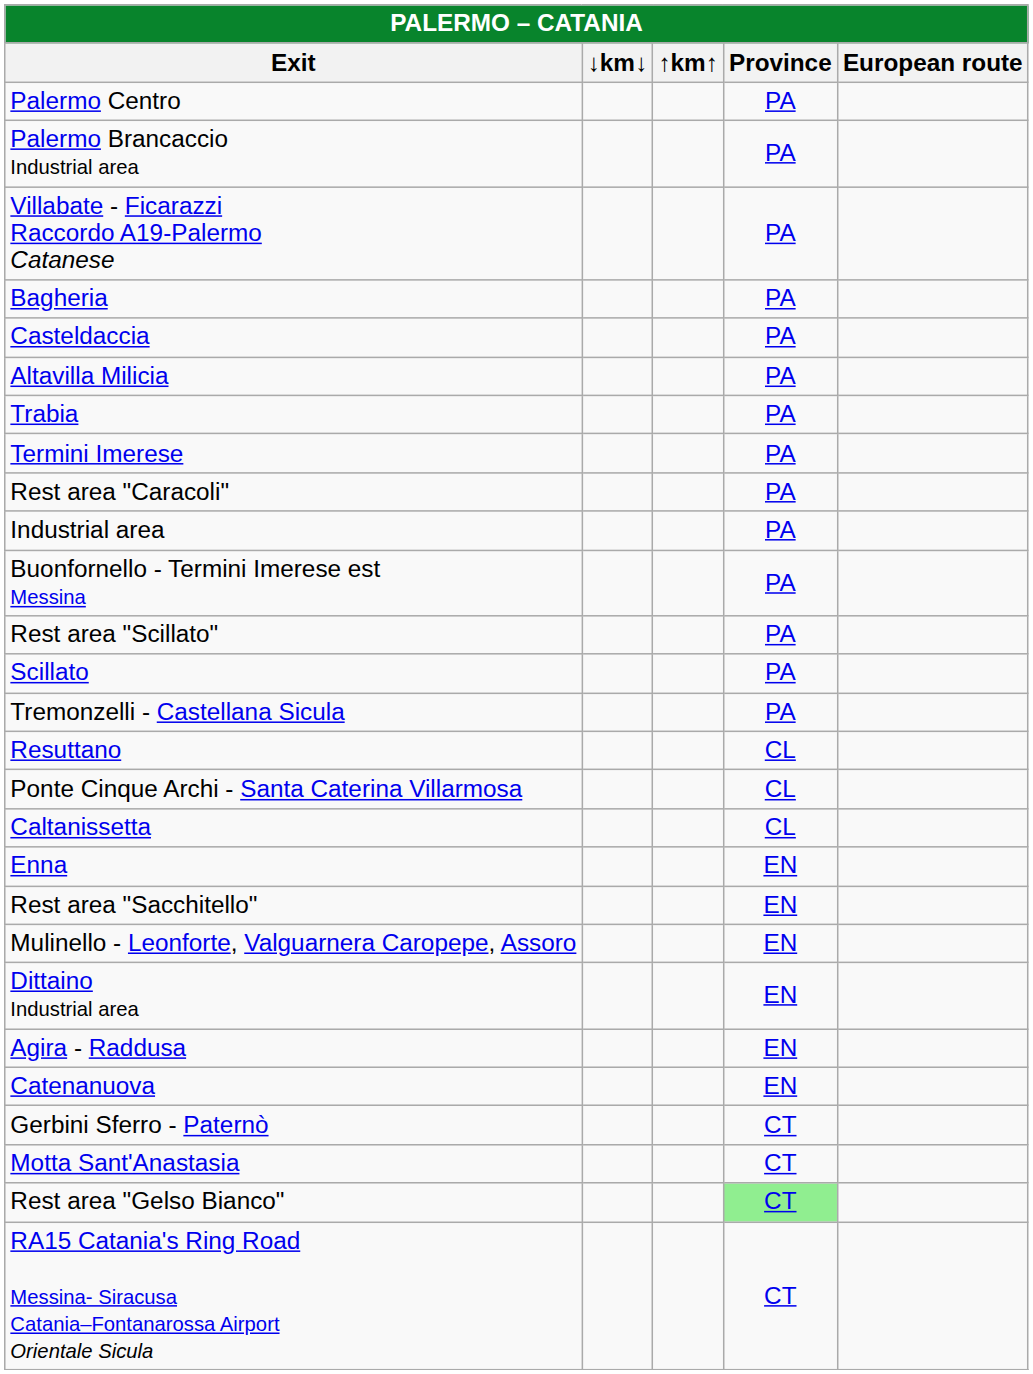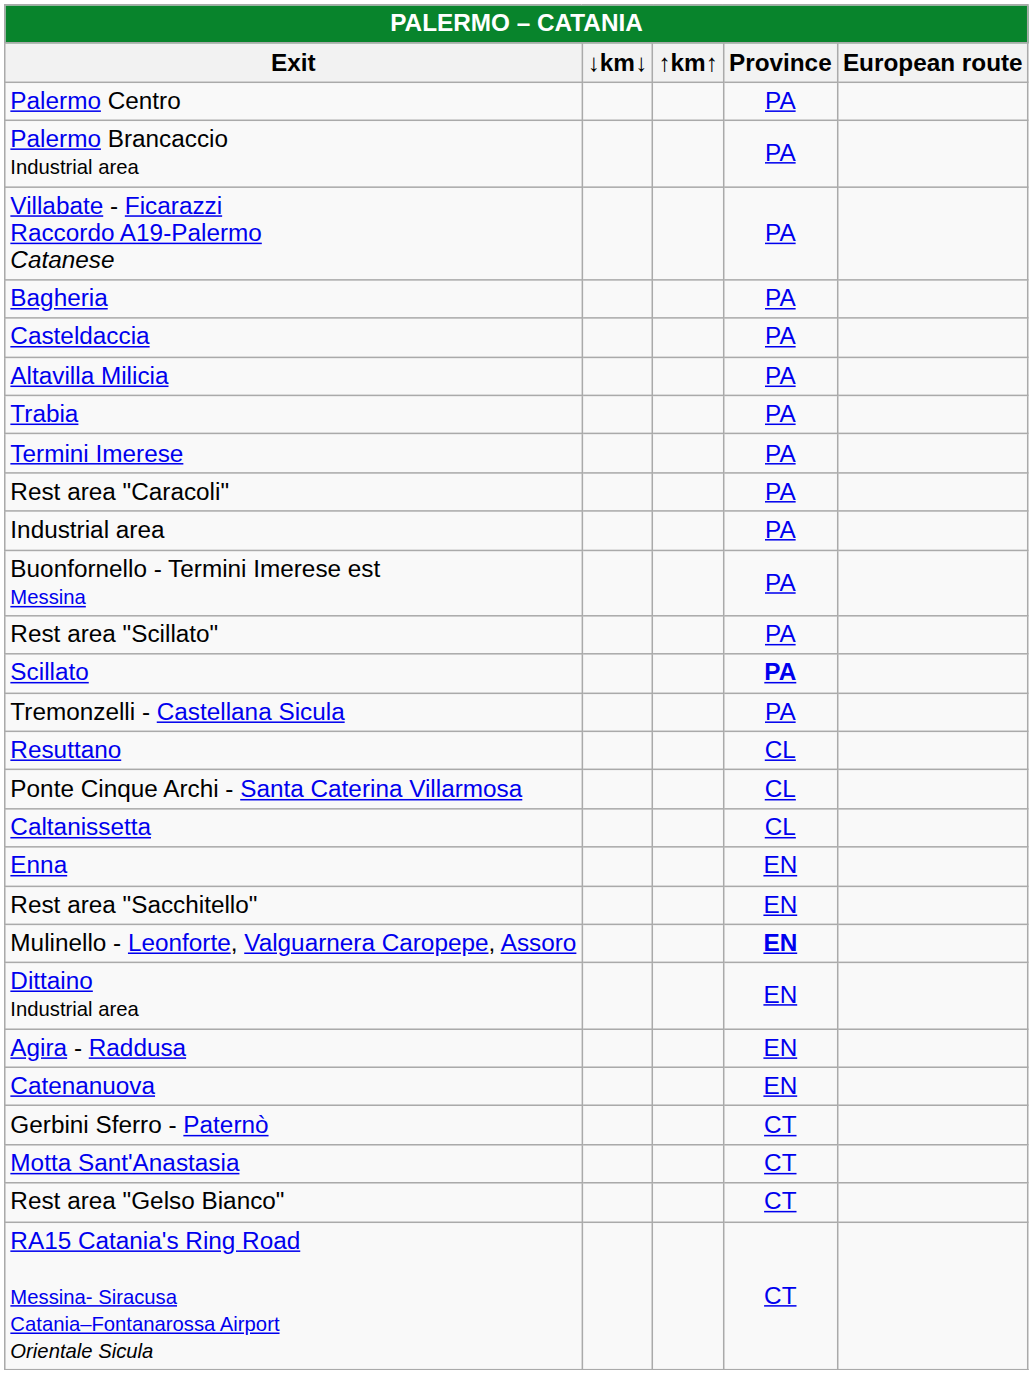 <table class="wikitable">
 <tr align="center" style="color: white;" bgcolor="#08842c">
 <td colspan="6"><strong> PALERMO – CATANIA</strong></td>
 </tr>
 <tr>
 <th><strong>Exit</strong></th>
 <th align="center"><strong>↓km↓</strong></th>
 <th align="center"><strong>↑km↑</strong></th>
 <th align="center"><strong>Province</strong></th>
 <th align="center"><strong>European route</strong></th>
 </tr>
 <tr>
 <td>  <a href='#'>Palermo</a> Centro</td>
 <td align="right"></td>
 <td align="right"></td>
 <td align="center"><a href='#'>PA</a></td>
 <td align="center"></td>
 </tr>
 <tr>
 <td> <a href='#'>Palermo</a> Brancaccio<br><small> Industrial area</small></td>
 <td align="right"></td>
 <td align="right"></td>
 <td align="center"><a href='#'>PA</a></td>
 <td align="center"></td>
 </tr>
 <tr>
 <td> <a href='#'>Villabate</a> - <a href='#'>Ficarazzi</a><br> <a href='#'>Raccordo A19-Palermo</a><br> <em>Catanese</em></td>
 <td align="right"></td>
 <td align="right"></td>
 <td align="center"><a href='#'>PA</a></td>
 <td align="center"></td>
 </tr>
 <tr>
 <td> <a href='#'>Bagheria</a></td>
 <td align="right"></td>
 <td align="right"></td>
 <td align="center"><a href='#'>PA</a></td>
 <td align="center"></td>
 </tr>
 <tr>
 <td> <a href='#'>Casteldaccia</a></td>
 <td align="right"></td>
 <td align="right"></td>
 <td align="center"><a href='#'>PA</a></td>
 <td align="center"></td>
 </tr>
 <tr>
 <td> <a href='#'>Altavilla Milicia</a></td>
 <td align="right"></td>
 <td align="right"></td>
 <td align="center"><a href='#'>PA</a></td>
 <td align="center"></td>
 </tr>
 <tr>
 <td> <a href='#'>Trabia</a></td>
 <td align="right"></td>
 <td align="right"></td>
 <td align="center"><a href='#'>PA</a></td>
 <td align="center"></td>
 </tr>
 <tr>
 <td> <a href='#'>Termini Imerese</a></td>
 <td align="right"></td>
 <td align="right"></td>
 <td align="center"><a href='#'>PA</a></td>
 <td align="center"></td>
 </tr>
 <tr>
 <td> Rest area "Caracoli"</td>
 <td align="right"></td>
 <td align="right"></td>
 <td align="center"><a href='#'>PA</a></td>
 <td align="center"></td>
 </tr>
 <tr>
 <td>  Industrial area</td>
 <td align="right"></td>
 <td align="right"></td>
 <td align="center"><a href='#'>PA</a></td>
 <td align="center"></td>
 </tr>
 <tr>
 <td> Buonfornello - Termini Imerese est <br>  <small><a href='#'>Messina</a></small></td>
 <td align="right"></td>
 <td align="right"></td>
 <td align="center"><a href='#'>PA</a></td>
 <td align="center"></td>
 </tr>
 <tr>
 <td> Rest area "Scillato"</td>
 <td align="right"></td>
 <td align="right"></td>
 <td align="center"><a href='#'>PA</a></td>
 <td align="center"></td>
 </tr>
 <tr>
 <td> <a href='#'>Scillato</a></td>
 <td align="right"></td>
 <td align="right"></td>
-<td align="center"><a href='#'>PA</a></td>
+<td align="center"><strong><a href='#'>PA</a></strong></td>
 <td align="center"></td>
 </tr>
 <tr>
 <td> Tremonzelli - <a href='#'>Castellana Sicula</a></td>
 <td align="right"></td>
 <td align="right"></td>
 <td align="center"><a href='#'>PA</a></td>
 <td align="center"></td>
 </tr>
 <tr>
 <td> <a href='#'>Resuttano</a></td>
 <td align="right"></td>
 <td align="right"></td>
 <td align="center"><a href='#'>CL</a></td>
 <td align="center"></td>
 </tr>
 <tr>
 <td> Ponte Cinque Archi - <a href='#'>Santa Caterina Villarmosa</a></td>
 <td align="right"></td>
 <td align="right"></td>
 <td align="center"><a href='#'>CL</a></td>
 <td align="center"></td>
 </tr>
 <tr>
 <td> <a href='#'>Caltanissetta</a></td>
 <td align="right"></td>
 <td align="right"></td>
 <td align="center"><a href='#'>CL</a></td>
 <td align="center"></td>
 </tr>
 <tr>
 <td> <a href='#'>Enna</a></td>
 <td align="right"></td>
 <td align="right"></td>
 <td align="center"><a href='#'>EN</a></td>
 <td align="center"></td>
 </tr>
 <tr>
 <td> Rest area "Sacchitello"</td>
 <td align="right"></td>
 <td align="right"></td>
 <td align="center"><a href='#'>EN</a></td>
 <td align="center"></td>
 </tr>
 <tr>
 <td> Mulinello - <a href='#'>Leonforte</a>, <a href='#'>Valguarnera Caropepe</a>, <a href='#'>Assoro</a></td>
 <td align="right"></td>
 <td align="right"></td>
-<td align="center"><a href='#'>EN</a></td>
+<td align="center"><strong><a href='#'>EN</a></strong></td>
 <td align="center"></td>
 </tr>
 <tr>
 <td> <a href='#'>Dittaino</a><br><small> Industrial area</small></td>
 <td align="right"></td>
 <td align="right"></td>
 <td align="center"><a href='#'>EN</a></td>
 <td align="center"></td>
 </tr>
 <tr>
 <td> <a href='#'>Agira</a> - <a href='#'>Raddusa</a></td>
 <td align="right"></td>
 <td align="right"></td>
 <td align="center"><a href='#'>EN</a></td>
 <td align="center"></td>
 </tr>
 <tr>
 <td> <a href='#'>Catenanuova</a></td>
 <td align="right"></td>
 <td align="right"></td>
 <td align="center"><a href='#'>EN</a></td>
 <td align="center"></td>
 </tr>
 <tr>
 <td> Gerbini Sferro - <a href='#'>Paternò</a></td>
 <td align="right"></td>
 <td align="right"></td>
 <td align="center"><a href='#'>CT</a></td>
 <td align="center"></td>
 </tr>
 <tr>
 <td> <a href='#'>Motta Sant'Anastasia</a></td>
 <td align="right"></td>
 <td align="right"></td>
 <td align="center"><a href='#'>CT</a></td>
 <td align="center"></td>
 </tr>
 <tr>
 <td> Rest area "Gelso Bianco"</td>
 <td align="right"></td>
 <td align="right"></td>
-<td align="center" style="background: lightgreen;"><a href='#'>CT</a></td>
+<td align="center"><a href='#'>CT</a></td>
 <td align="center"></td>
 </tr>
 <tr>
 <td>   <a href='#'>RA15 Catania's Ring Road</a><br><br><small>  <a href='#'>Messina- Siracusa</a><br> <a href='#'>Catania–Fontanarossa Airport</a><br> <em>Orientale Sicula</em></small></td>
 <td align="right"></td>
 <td align="right"></td>
 <td align="center"><a href='#'>CT</a></td>
 <td align="center"></td>
 </tr>
 <tr>
 </tr>
 </table>
